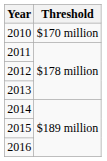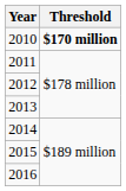 <table class="wikitable">
 <tr>
 <th>Year</th>
 <th>Threshold</th>
 </tr>
 <tr>
 <td>2010</td>
-<td>$170 million</td>
+<td><strong>$170 million</strong></td>
 </tr>
 <tr>
 <td>2011</td>
 <td rowspan=3>$178 million</td>
 </tr>
 <tr>
 <td>2012</td>
 </tr>
 <tr>
 <td>2013</td>
 </tr>
 <tr>
 <td>2014</td>
 <td rowspan=3>$189 million</td>
 </tr>
 <tr>
 <td>2015</td>
 </tr>
 <tr>
 <td>2016</td>
 </tr>
 </table>
